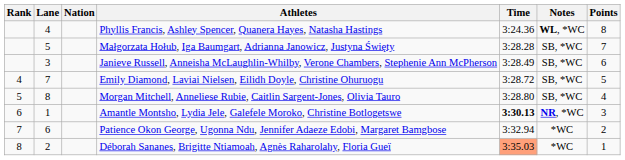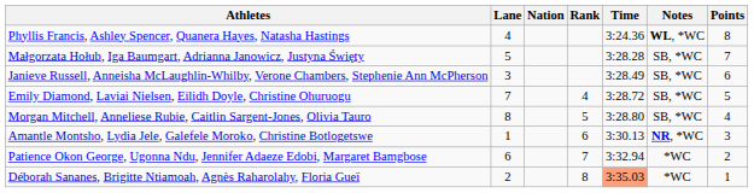 <table class="wikitable sortable" style="text-align:center">
 <tr>
-<th>Rank</th>
+<th>Athletes</th>
 <th>Lane</th>
 <th>Nation</th>
-<th>Athletes</th>
+<th>Rank</th>
 <th>Time</th>
 <th>Notes</th>
 <th>Points</th>
 </tr>
 <tr>
-<td></td>
+<td align=left><a href='#'>Phyllis Francis</a>, <a href='#'>Ashley Spencer</a>, <a href='#'>Quanera Hayes</a>, <a href='#'>Natasha Hastings</a></td>
 <td>4</td>
 <td align=left></td>
-<td align=left><a href='#'>Phyllis Francis</a>, <a href='#'>Ashley Spencer</a>, <a href='#'>Quanera Hayes</a>, <a href='#'>Natasha Hastings</a></td>
+<td></td>
 <td>3:24.36</td>
 <td><strong>WL</strong>, *WC</td>
 <td>8</td>
 </tr>
 <tr>
-<td></td>
+<td align=left><a href='#'>Małgorzata Hołub</a>, <a href='#'>Iga Baumgart</a>, <a href='#'>Adrianna Janowicz</a>, <a href='#'>Justyna Święty</a></td>
 <td>5</td>
 <td align=left></td>
-<td align=left><a href='#'>Małgorzata Hołub</a>, <a href='#'>Iga Baumgart</a>, <a href='#'>Adrianna Janowicz</a>, <a href='#'>Justyna Święty</a></td>
+<td></td>
 <td>3:28.28</td>
 <td>SB, *WC</td>
 <td>7</td>
 </tr>
 <tr>
-<td></td>
+<td align=left><a href='#'>Janieve Russell</a>, <a href='#'>Anneisha McLaughlin-Whilby</a>, <a href='#'>Verone Chambers</a>, <a href='#'>Stephenie Ann McPherson</a></td>
 <td>3</td>
 <td align=left></td>
-<td align=left><a href='#'>Janieve Russell</a>, <a href='#'>Anneisha McLaughlin-Whilby</a>, <a href='#'>Verone Chambers</a>, <a href='#'>Stephenie Ann McPherson</a></td>
+<td></td>
 <td>3:28.49</td>
 <td>SB, *WC</td>
 <td>6</td>
 </tr>
 <tr>
-<td>4</td>
+<td align=left><a href='#'>Emily Diamond</a>, <a href='#'>Laviai Nielsen</a>, <a href='#'>Eilidh Doyle</a>, <a href='#'>Christine Ohuruogu</a></td>
 <td>7</td>
 <td align=left></td>
-<td align=left><a href='#'>Emily Diamond</a>, <a href='#'>Laviai Nielsen</a>, <a href='#'>Eilidh Doyle</a>, <a href='#'>Christine Ohuruogu</a></td>
+<td>4</td>
 <td>3:28.72</td>
 <td>SB, *WC</td>
 <td>5</td>
 </tr>
 <tr>
-<td>5</td>
+<td align=left><a href='#'>Morgan Mitchell</a>, <a href='#'>Anneliese Rubie</a>, <a href='#'>Caitlin Sargent-Jones</a>, <a href='#'>Olivia Tauro</a></td>
 <td>8</td>
 <td align=left></td>
-<td align=left><a href='#'>Morgan Mitchell</a>, <a href='#'>Anneliese Rubie</a>, <a href='#'>Caitlin Sargent-Jones</a>, <a href='#'>Olivia Tauro</a></td>
+<td>5</td>
 <td>3:28.80</td>
 <td>SB, *WC</td>
 <td>4</td>
 </tr>
 <tr>
-<td>6</td>
+<td align=left><a href='#'>Amantle Montsho</a>, <a href='#'>Lydia Jele</a>, <a href='#'>Galefele Moroko</a>, <a href='#'>Christine Botlogetswe</a></td>
 <td>1</td>
 <td align=left></td>
-<td align=left><a href='#'>Amantle Montsho</a>, <a href='#'>Lydia Jele</a>, <a href='#'>Galefele Moroko</a>, <a href='#'>Christine Botlogetswe</a></td>
-<td><strong>3:30.13</strong></td>
+<td>6</td>
+<td>3:30.13</td>
 <td><strong><a href='#'>NR</a></strong>, *WC</td>
 <td>3</td>
 </tr>
 <tr>
-<td>7</td>
+<td align=left><a href='#'>Patience Okon George</a>, <a href='#'>Ugonna Ndu</a>, <a href='#'>Jennifer Adaeze Edobi</a>, <a href='#'>Margaret Bamgbose</a></td>
 <td>6</td>
 <td align=left></td>
-<td align=left><a href='#'>Patience Okon George</a>, <a href='#'>Ugonna Ndu</a>, <a href='#'>Jennifer Adaeze Edobi</a>, <a href='#'>Margaret Bamgbose</a></td>
+<td>7</td>
 <td>3:32.94</td>
 <td>*WC</td>
 <td>2</td>
 </tr>
 <tr>
-<td>8</td>
+<td align=left><a href='#'>Déborah Sananes</a>, <a href='#'>Brigitte Ntiamoah</a>, <a href='#'>Agnès Raharolahy</a>, <a href='#'>Floria Gueï</a></td>
 <td>2</td>
 <td align=left></td>
-<td align=left><a href='#'>Déborah Sananes</a>, <a href='#'>Brigitte Ntiamoah</a>, <a href='#'>Agnès Raharolahy</a>, <a href='#'>Floria Gueï</a></td>
+<td>8</td>
 <td style="background: lightsalmon;">3:35.03</td>
 <td>*WC</td>
 <td>1</td>
 </tr>
 </table>
